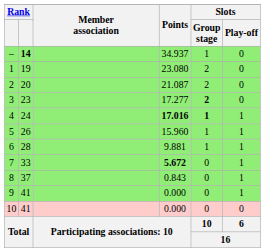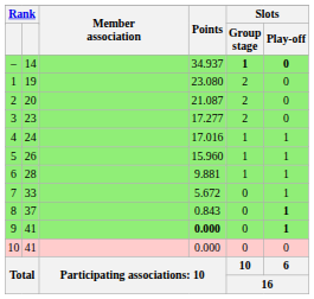 <table class="wikitable" style="text-align:center">
 <tr>
 </tr>
 <tr>
 <th colspan=2 rowspan=2><a href='#'>Rank</a></th>
 <th rowspan=3 width=200>Member<br>association</th>
 <th rowspan=3>Points</th>
 <th colspan=3>Slots</th>
 </tr>
 <tr>
 <th rowspan=2>Group<br>stage</th>
 <th rowspan=2>Play-off</th>
 </tr>
 <tr>
 <th></th>
 <th></th>
 </tr>
 <tr bgcolor=#90ee77>
 <td>–</td>
-<td><strong>14</strong></td>
+<td>14</td>
 <td align=left></td>
 <td>34.937</td>
-<td>1</td>
-<td>0</td>
+<td><strong>1</strong></td>
+<td><strong>0</strong></td>
 </tr>
 <tr bgcolor=#90ee77>
 <td>1</td>
 <td>19</td>
 <td align=left></td>
 <td>23.080</td>
 <td>2</td>
 <td>0</td>
 </tr>
 <tr bgcolor=#90ee77>
 <td>2</td>
 <td>20</td>
 <td align=left></td>
 <td>21.087</td>
 <td>2</td>
 <td>0</td>
 </tr>
 <tr bgcolor=#90ee77>
 <td>3</td>
 <td>23</td>
 <td align=left></td>
 <td>17.277</td>
-<td><strong>2</strong></td>
+<td>2</td>
 <td>0</td>
 </tr>
 <tr bgcolor=#90ee77>
 <td>4</td>
 <td>24</td>
 <td align=left></td>
-<td><strong>17.016</strong></td>
-<td><strong>1</strong></td>
+<td>17.016</td>
+<td>1</td>
 <td>1</td>
 </tr>
 <tr bgcolor=#90ee77>
 <td>5</td>
 <td>26</td>
 <td align=left></td>
 <td>15.960</td>
 <td>1</td>
 <td>1</td>
 </tr>
 <tr bgcolor=#90ee77>
 <td>6</td>
 <td>28</td>
 <td align=left></td>
 <td>9.881</td>
 <td>1</td>
 <td>1</td>
 </tr>
 <tr bgcolor=#90ee77>
 <td>7</td>
 <td>33</td>
 <td align=left></td>
-<td><strong>5.672</strong></td>
+<td>5.672</td>
 <td>0</td>
 <td>1</td>
 </tr>
 <tr bgcolor=#90ee77>
 <td>8</td>
 <td>37</td>
 <td align=left></td>
 <td>0.843</td>
 <td>0</td>
-<td>1</td>
+<td><strong>1</strong></td>
 </tr>
 <tr bgcolor=#90ee77>
 <td>9</td>
 <td>41</td>
 <td align=left></td>
-<td>0.000</td>
+<td><strong>0.000</strong></td>
 <td>0</td>
-<td>1</td>
+<td><strong>1</strong></td>
 </tr>
 <tr bgcolor=ffcccc>
 <td>10</td>
 <td>41</td>
 <td align=left></td>
 <td>0.000</td>
 <td>0</td>
 <td>0</td>
 </tr>
 <tr>
 <th colspan=2 rowspan=2>Total</th>
 <th colspan=2 rowspan=2>Participating associations: 10</th>
 <th>10</th>
 <th>6</th>
 </tr>
 <tr>
 <th colspan=2>16</th>
 </tr>
 </table>
